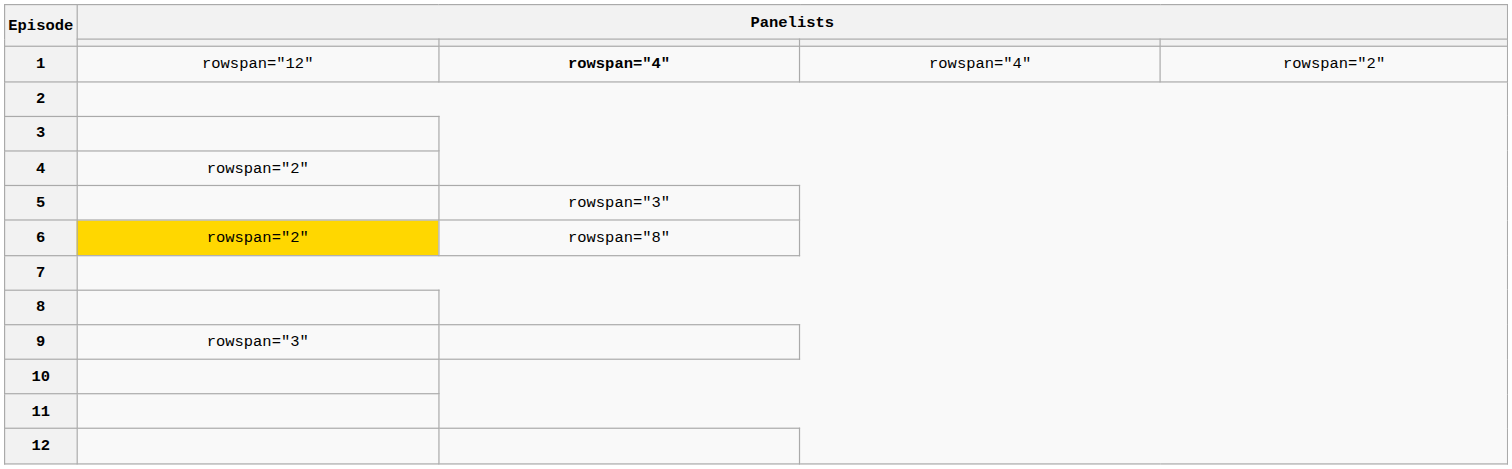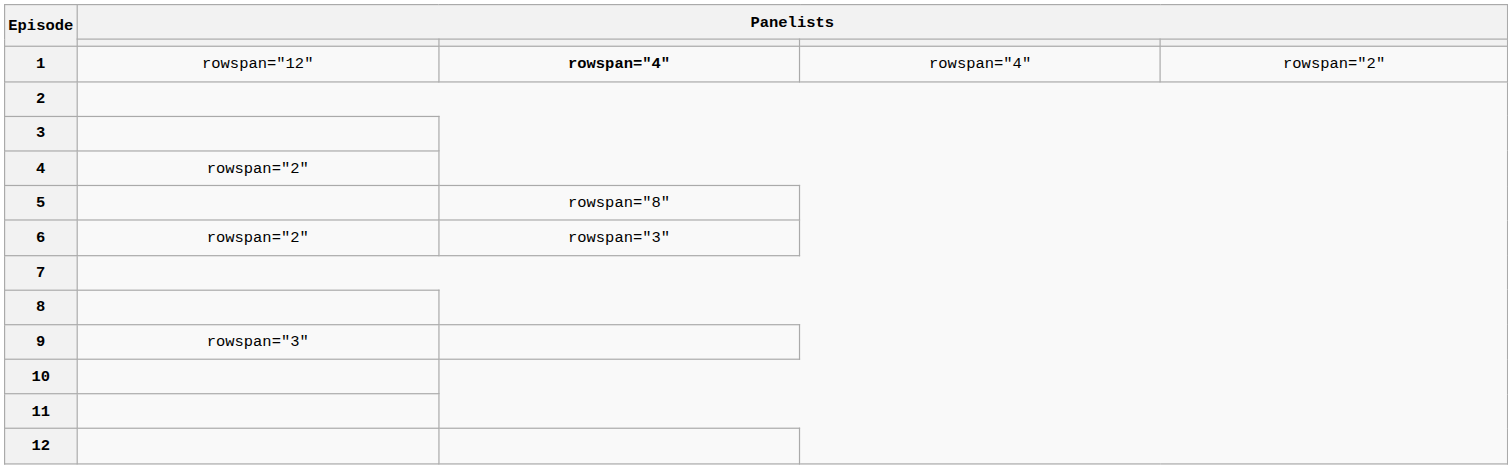 <table class="wikitable plainrowheaders mw-collapsible" style="text-align:center; line-height:23px; width:100%;">
 <tr>
 <th rowspan=2 width=1%>Episode</th>
 <th colspan=4>Panelists</th>
 </tr>
 <tr>
 <th width="25%"></th>
 <th width="25%"></th>
 <th width="25%"></th>
 <th width="25%"></th>
 </tr>
 <tr>
 <th>1</th>
 <td>rowspan="12" </td>
 <td><strong>rowspan="4" </strong></td>
 <td>rowspan="4" </td>
 <td>rowspan="2" </td>
 </tr>
 <tr>
 <th>2</th>
 </tr>
 <tr>
 <th>3</th>
 <td></td>
 </tr>
 <tr>
 <th>4</th>
 <td>rowspan="2" </td>
 </tr>
 <tr>
 <th>5</th>
 <td></td>
-<td>rowspan="3" </td>
+<td>rowspan="8" </td>
 </tr>
 <tr>
 <th>6</th>
-<td style="background: gold;">rowspan="2" </td>
-<td>rowspan="8" </td>
+<td>rowspan="2" </td>
+<td>rowspan="3" </td>
 </tr>
 <tr>
 <th>7</th>
 </tr>
 <tr>
 <th>8</th>
 <td></td>
 </tr>
 <tr>
 <th>9</th>
 <td>rowspan="3" </td>
 <td></td>
 </tr>
 <tr>
 <th>10</th>
 <td></td>
 </tr>
 <tr>
 <th>11</th>
 <td></td>
 </tr>
 <tr>
 <th>12</th>
 <td></td>
 <td></td>
 </tr>
 </table>
